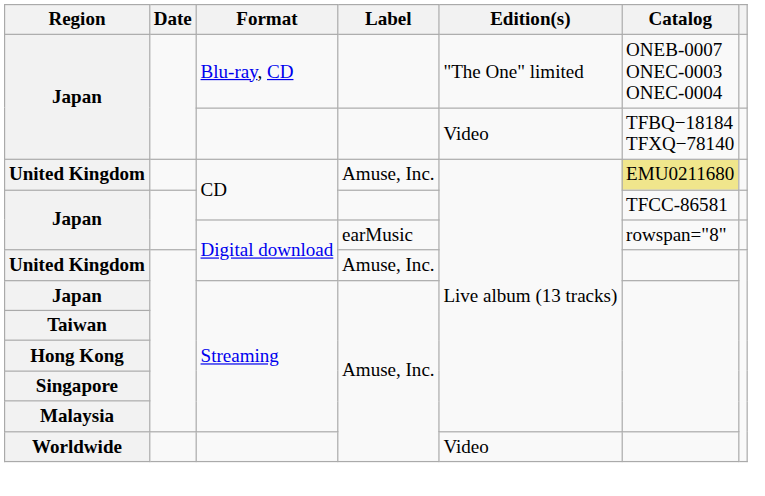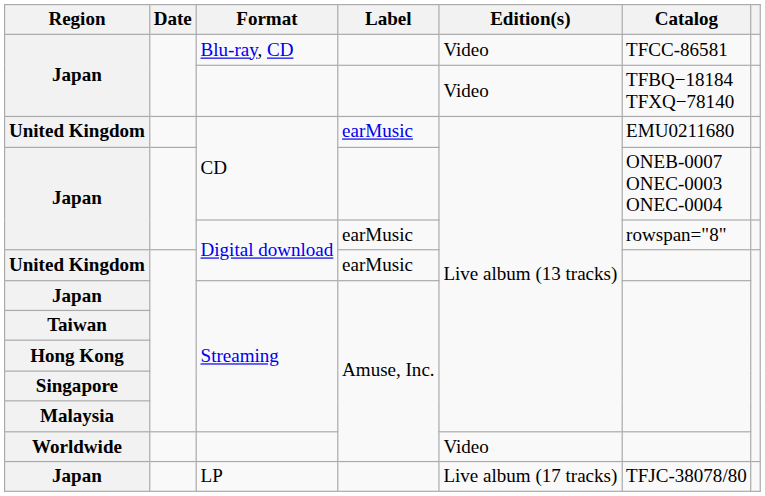 <table class="wikitable plainrowheaders">
 <tr>
 <th scope="col">Region</th>
 <th scope="col">Date</th>
 <th scope="col">Format</th>
 <th scope="col">Label</th>
 <th scope="col">Edition(s)</th>
 <th scope="col">Catalog</th>
 <th scope="col"></th>
 </tr>
 <tr>
 <th scope="row" rowspan="2">Japan</th>
 <td rowspan="2"></td>
 <td><a href='#'>Blu-ray</a>, <a href='#'>CD</a></td>
 <td></td>
-<td>"The One" limited</td>
-<td>ONEB-0007<br>ONEC-0003<br>ONEC-0004</td>
+<td>Video</td>
+<td>TFCC-86581</td>
 <td></td>
 </tr>
 <tr>
 <td></td>
 <td></td>
 <td>Video</td>
 <td>TFBQ−18184<br>TFXQ−78140</td>
 <td></td>
 </tr>
 <tr>
 <th scope="row">United Kingdom</th>
 <td></td>
 <td rowspan="2">CD</td>
-<td>Amuse, Inc.</td>
+<td><a href='#'>earMusic</a></td>
 <td rowspan="9">Live album (13 tracks)</td>
-<td style="background: khaki;">EMU0211680</td>
+<td>EMU0211680</td>
 <td></td>
 </tr>
 <tr>
 <th scope="row" rowspan="2">Japan</th>
 <td rowspan="2"></td>
 <td></td>
-<td>TFCC-86581</td>
+<td>ONEB-0007<br>ONEC-0003<br>ONEC-0004</td>
 <td></td>
 </tr>
 <tr>
 <td rowspan="2"><a href='#'>Digital download</a></td>
 <td>earMusic</td>
 <td>rowspan="8" </td>
 <td></td>
 </tr>
 <tr>
 <th scope="row">United Kingdom</th>
 <td rowspan="6"></td>
-<td>Amuse, Inc.</td>
+<td>earMusic</td>
 <td></td>
 </tr>
 <tr>
 <th scope="row">Japan</th>
 <td rowspan="5"><a href='#'>Streaming</a></td>
 <td rowspan="6">Amuse, Inc.</td>
 <td rowspan="5"></td>
 </tr>
 <tr>
 <th scope="row">Taiwan</th>
 </tr>
 <tr>
 <th scope="row">Hong Kong</th>
 </tr>
 <tr>
 <th scope="row">Singapore</th>
 </tr>
 <tr>
 <th scope="row">Malaysia</th>
 </tr>
 <tr>
 <th scope="row">Worldwide</th>
 <td></td>
 <td></td>
 <td>Video</td>
 <td></td>
 </tr>
+<tr>
+<th scope="row">Japan</th>
+<td></td>
+<td>LP</td>
+<td></td>
+<td>Live album (17 tracks)</td>
+<td>TFJC-38078/80</td>
+<td></td>
+</tr>
 </table>
